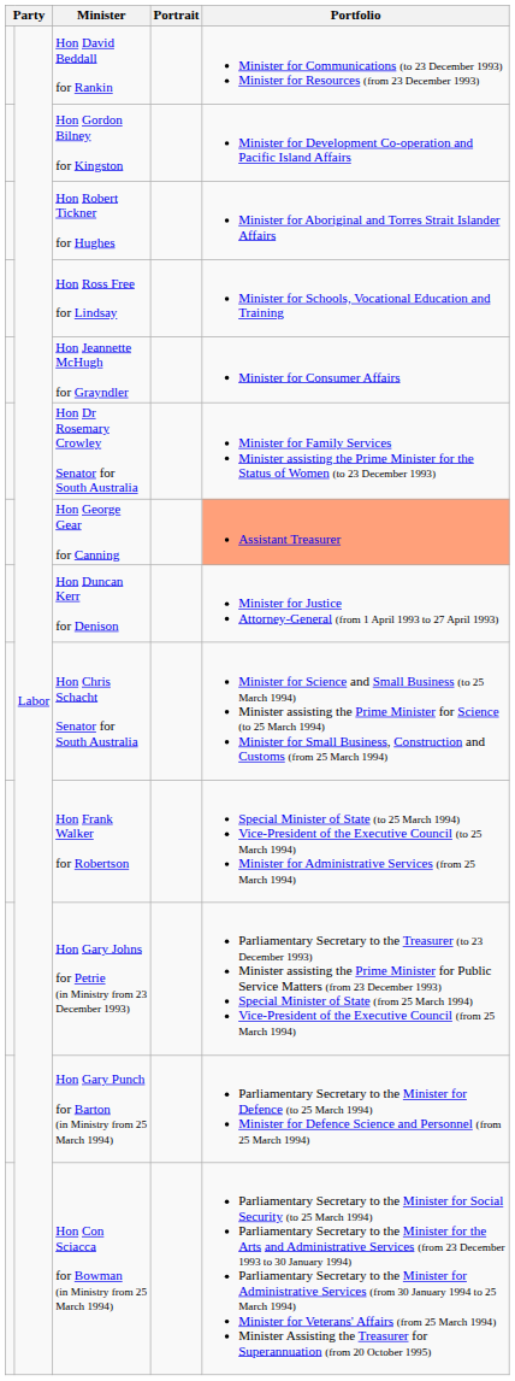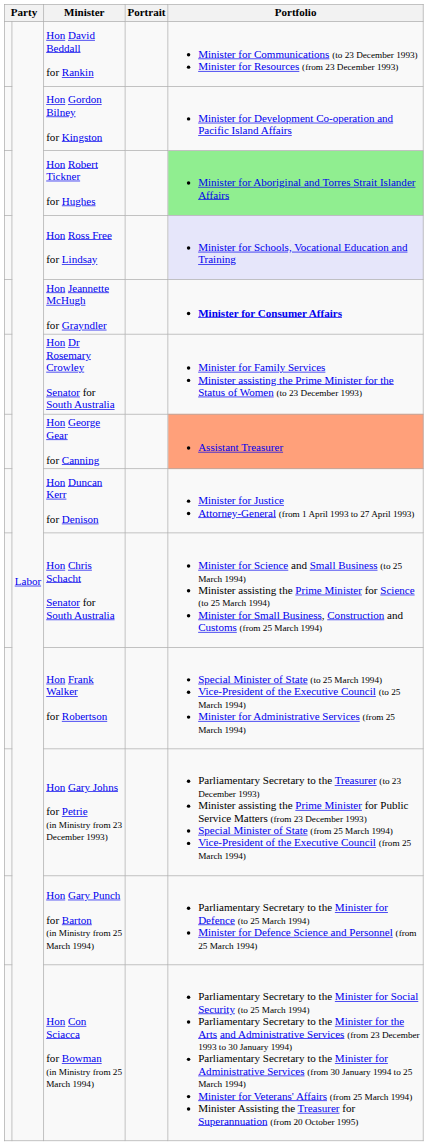 <table class="wikitable sortable">
 <tr>
 <th colspan="2">Party</th>
 <th>Minister</th>
 <th>Portrait</th>
 <th>Portfolio</th>
 </tr>
 <tr>
 <td> </td>
 <td rowspan=13><a href='#'>Labor</a></td>
 <td><a href='#'>Hon</a> <a href='#'>David Beddall</a> <br><br> for <a href='#'>Rankin</a> <br></td>
 <td></td>
 <td><br><ul><li><a href='#'>Minister for Communications</a> <small>(to 23 December 1993)</small></li><li><a href='#'>Minister for Resources</a> <small>(from 23 December 1993)</small></li></ul></td>
 </tr>
 <tr>
 <td> </td>
 <td><a href='#'>Hon</a> <a href='#'>Gordon Bilney</a> <br><br> for <a href='#'>Kingston</a> <br></td>
 <td></td>
 <td><br><ul><li><a href='#'>Minister for Development Co-operation and Pacific Island Affairs</a></li></ul></td>
 </tr>
 <tr>
 <td> </td>
 <td><a href='#'>Hon</a> <a href='#'>Robert Tickner</a> <br><br> for <a href='#'>Hughes</a> <br></td>
 <td></td>
-<td><br><ul><li><a href='#'>Minister for Aboriginal and Torres Strait Islander Affairs</a></li></ul></td>
+<td style="background: lightgreen;"><br><ul><li><a href='#'>Minister for Aboriginal and Torres Strait Islander Affairs</a></li></ul></td>
 </tr>
 <tr>
 <td> </td>
 <td><a href='#'>Hon</a> <a href='#'>Ross Free</a> <br><br> for <a href='#'>Lindsay</a> <br></td>
 <td></td>
-<td><br><ul><li><a href='#'>Minister for Schools, Vocational Education and Training</a></li></ul></td>
+<td style="background: lavender;"><br><ul><li><a href='#'>Minister for Schools, Vocational Education and Training</a></li></ul></td>
 </tr>
 <tr>
 <td> </td>
 <td><a href='#'>Hon</a> <a href='#'>Jeannette McHugh</a> <br><br> for <a href='#'>Grayndler</a> <br></td>
 <td></td>
-<td><br><ul><li><a href='#'>Minister for Consumer Affairs</a></li></ul></td>
+<td><strong><br><ul><li><a href='#'>Minister for Consumer Affairs</a></li></ul></strong></td>
 </tr>
 <tr>
 <td> </td>
 <td><a href='#'>Hon</a> <a href='#'>Dr Rosemary Crowley</a> <br><br><a href='#'>Senator</a> for <a href='#'>South Australia</a> <br></td>
 <td></td>
 <td><br><ul><li><a href='#'>Minister for Family Services</a></li><li><a href='#'>Minister assisting the Prime Minister for the Status of Women</a> <small>(to 23 December 1993)</small></li></ul></td>
 </tr>
 <tr>
 <td> </td>
 <td><a href='#'>Hon</a> <a href='#'>George Gear</a> <br><br> for <a href='#'>Canning</a> <br></td>
 <td></td>
 <td style="background: lightsalmon;"><br><ul><li><a href='#'>Assistant Treasurer</a></li></ul></td>
 </tr>
 <tr>
 <td> </td>
 <td><a href='#'>Hon</a> <a href='#'>Duncan Kerr</a> <br><br> for <a href='#'>Denison</a> <br></td>
 <td></td>
 <td><br><ul><li><a href='#'>Minister for Justice</a></li><li><a href='#'>Attorney-General</a> <small>(from 1 April 1993 to 27 April 1993)</small></li></ul></td>
 </tr>
 <tr>
 <td> </td>
 <td><a href='#'>Hon</a> <a href='#'>Chris Schacht</a> <br><br><a href='#'>Senator</a> for <a href='#'>South Australia</a> <br></td>
 <td></td>
 <td><br><ul><li><a href='#'>Minister for Science</a> and <a href='#'>Small Business</a> <small>(to 25 March 1994)</small></li><li>Minister assisting the <a href='#'>Prime Minister</a> for <a href='#'>Science</a> <small>(to 25 March 1994)</small></li><li><a href='#'>Minister for Small Business</a>, <a href='#'>Construction</a> and <a href='#'>Customs</a> <small>(from 25 March 1994)</small></li></ul></td>
 </tr>
 <tr>
 <td> </td>
 <td><a href='#'>Hon</a> <a href='#'>Frank Walker</a>  <br><br> for <a href='#'>Robertson</a> <br></td>
 <td></td>
 <td><br><ul><li><a href='#'>Special Minister of State</a> <small>(to 25 March 1994)</small></li><li><a href='#'>Vice-President of the Executive Council</a> <small>(to 25 March 1994)</small></li><li><a href='#'>Minister for Administrative Services</a> <small>(from 25 March 1994)</small></li></ul></td>
 </tr>
 <tr>
 <td> </td>
 <td><a href='#'>Hon</a> <a href='#'>Gary Johns</a> <br><br> for <a href='#'>Petrie</a> <br> <small>(in Ministry from 23 December 1993)</small></td>
 <td></td>
 <td><br><ul><li>Parliamentary Secretary to the <a href='#'>Treasurer</a> <small>(to 23 December 1993)</small></li><li>Minister assisting the <a href='#'>Prime Minister</a> for Public Service Matters <small>(from 23 December 1993)</small></li><li><a href='#'>Special Minister of State</a> <small>(from 25 March 1994)</small></li><li><a href='#'>Vice-President of the Executive Council</a> <small>(from 25 March 1994)</small></li></ul></td>
 </tr>
 <tr>
 <td> </td>
 <td><a href='#'>Hon</a> <a href='#'>Gary Punch</a> <br><br> for <a href='#'>Barton</a> <br> <small>(in Ministry from 25 March 1994)</small></td>
 <td></td>
 <td><br><ul><li>Parliamentary Secretary to the <a href='#'>Minister for Defence</a> <small>(to 25 March 1994)</small></li><li><a href='#'>Minister for Defence Science and Personnel</a> <small>(from 25 March 1994)</small></li></ul></td>
 </tr>
 <tr>
 <td> </td>
 <td><a href='#'>Hon</a> <a href='#'>Con Sciacca</a> <br><br> for <a href='#'>Bowman</a> <br> <small>(in Ministry from 25 March 1994)</small></td>
 <td></td>
 <td><br><ul><li>Parliamentary Secretary to the <a href='#'>Minister for Social Security</a> <small>(to 25 March 1994)</small></li><li>Parliamentary Secretary to the <a href='#'>Minister for the Arts</a> <a href='#'>and Administrative Services</a> <small>(from 23 December 1993 to 30 January 1994)</small></li><li>Parliamentary Secretary to the <a href='#'>Minister for Administrative Services</a> <small>(from 30 January 1994 to 25 March 1994)</small></li><li><a href='#'>Minister for Veterans' Affairs</a> <small>(from 25 March 1994)</small></li><li>Minister Assisting the <a href='#'>Treasurer</a> for <a href='#'>Superannuation</a> <small>(from 20 October 1995)</small></li></ul></td>
 </tr>
 </table>
